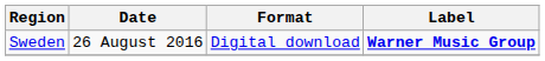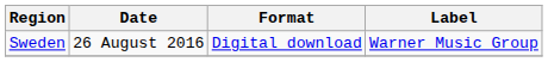 <table class=wikitable>
 <tr>
 <th>Region</th>
 <th>Date</th>
 <th>Format</th>
 <th>Label</th>
 </tr>
 <tr>
 <td><a href='#'>Sweden</a></td>
 <td>26 August 2016</td>
 <td><a href='#'>Digital download</a></td>
-<td><strong><a href='#'>Warner Music Group</a></strong></td>
+<td><a href='#'>Warner Music Group</a></td>
 </tr>
 <tr>
 </tr>
 </table>
